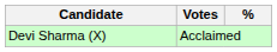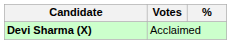 <table class="wikitable">
 <tr>
 <th bgcolor="#DDDDFF" width="200px">Candidate</th>
 <th bgcolor="#DDDDFF" width="50px">Votes</th>
 <th bgcolor="#DDDDFF" width="50px">%</th>
 </tr>
 <tr style="text-align:left; background:#cfc;">
-<td>Devi Sharma (X)</td>
+<td><strong>Devi Sharma (X)</strong></td>
 <td colspan="2">Acclaimed</td>
 </tr>
 </table>
